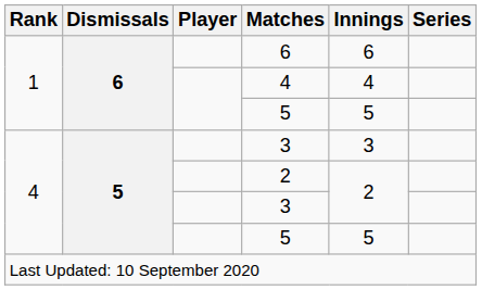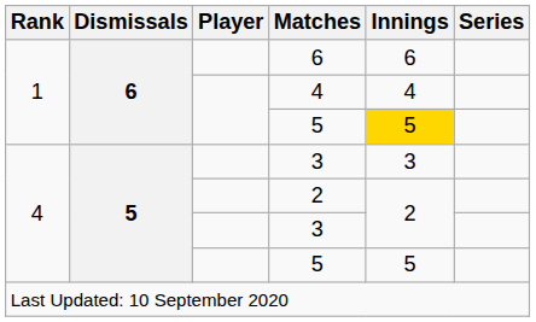 <table class="wikitable plainrowheaders sortable">
 <tr>
 <th scope=col>Rank</th>
 <th scope=col>Dismissals</th>
 <th scope=col>Player</th>
 <th scope=col>Matches</th>
 <th scope=col>Innings</th>
 <th scope=col>Series</th>
 </tr>
 <tr>
 <td align=center rowspan=3>1</td>
 <th scope=row style=text-align:center; rowspan=3>6</th>
 <td></td>
 <td align=center>6</td>
 <td align=center>6</td>
 <td></td>
 </tr>
 <tr>
 <td rowspan=2></td>
 <td align=center>4</td>
 <td align=center>4</td>
 <td></td>
 </tr>
 <tr>
 <td align=center>5</td>
-<td align=center>5</td>
+<td align=center style="background: gold;">5</td>
 <td></td>
 </tr>
 <tr>
 <td align=center rowspan=4>4</td>
 <th scope=row style=text-align:center; rowspan=4>5</th>
 <td></td>
 <td align=center>3</td>
 <td align=center>3</td>
 <td></td>
 </tr>
 <tr>
 <td></td>
 <td align=center>2</td>
 <td align=center rowspan=2>2</td>
 <td></td>
 </tr>
 <tr>
 <td> </td>
 <td align=center>3</td>
 <td></td>
 </tr>
 <tr>
 <td> </td>
 <td align=center>5</td>
 <td align=center>5</td>
 <td></td>
 </tr>
 <tr class=sortbottom>
 <td colspan=6><small>Last Updated: 10 September 2020</small></td>
 </tr>
 </table>
